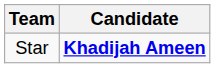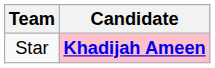 <table class="wikitable" style="text-align:center">
 <tr>
 <th>Team</th>
 <th>Candidate</th>
 </tr>
 <tr>
 <td>Star</td>
-<td><strong><a href='#'>Khadijah Ameen</a></strong></td>
+<td style="background: pink;"><strong><a href='#'>Khadijah Ameen</a></strong></td>
 </tr>
 </table>
